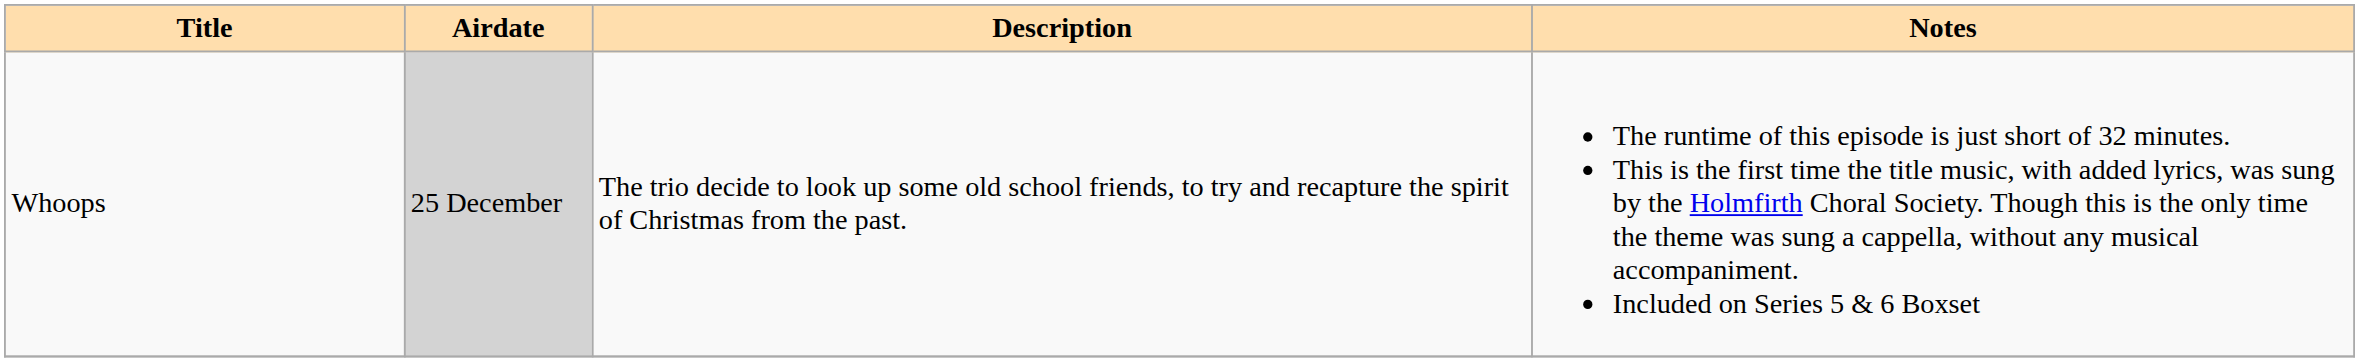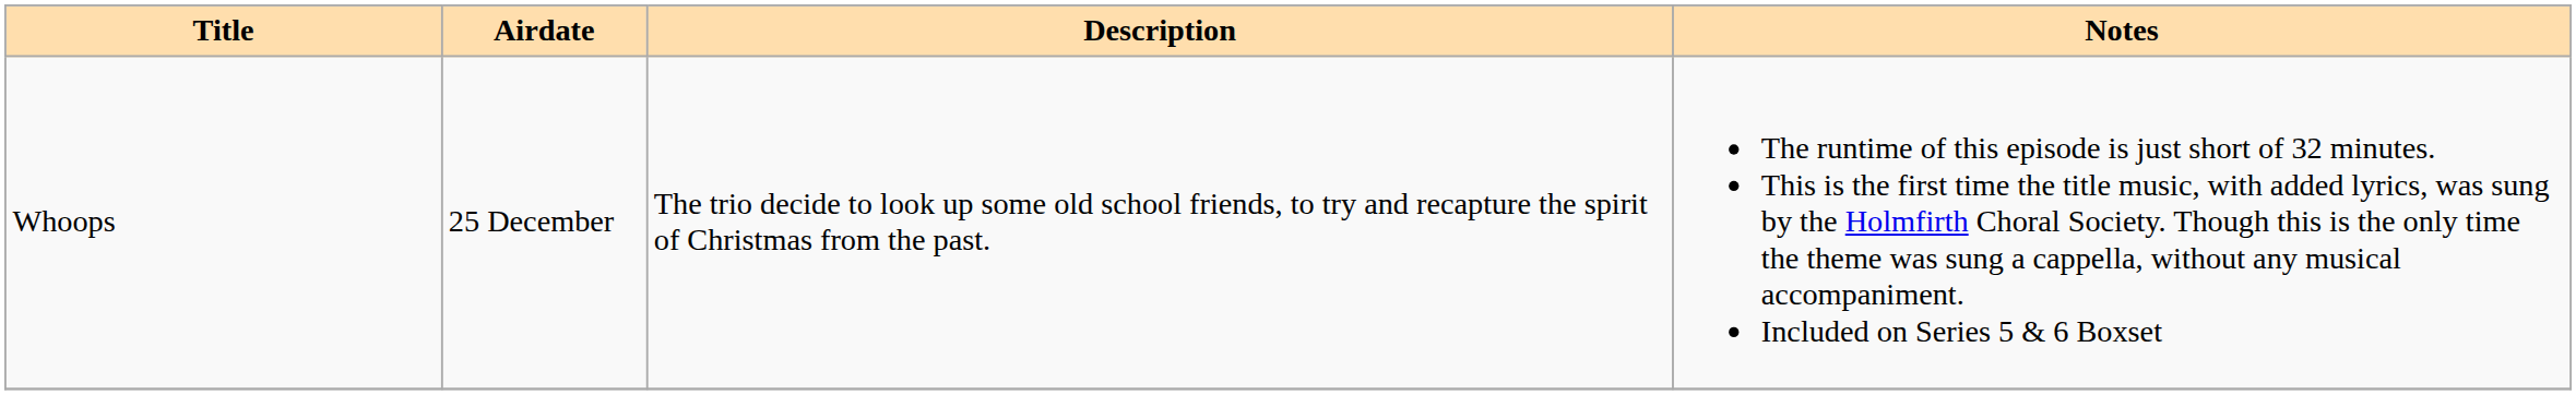 <table class="wikitable" width=100% border=1 style="font-size: 95%">
 <tr>
 <th style="background:#ffdead" width=17%>Title</th>
 <th style="background:#ffdead" width=8%>Airdate</th>
 <th style="background:#ffdead" width=40%>Description</th>
 <th style="background:#ffdead" width=35%>Notes</th>
 </tr>
 <tr>
 <td>Whoops</td>
-<td style="background: lightgrey;">25 December</td>
+<td>25 December</td>
 <td>The trio decide to look up some old school friends, to try and recapture the spirit of Christmas from the past.</td>
 <td><br><ul><li>The runtime of this episode is just short of 32 minutes.</li><li>This is the first time the title music, with added lyrics, was sung by the <a href='#'>Holmfirth</a> Choral Society. Though this is the only time the theme was sung a cappella, without any musical accompaniment.</li><li>Included on Series 5 & 6 Boxset</li></ul></td>
 </tr>
 <tr>
 </tr>
 </table>
